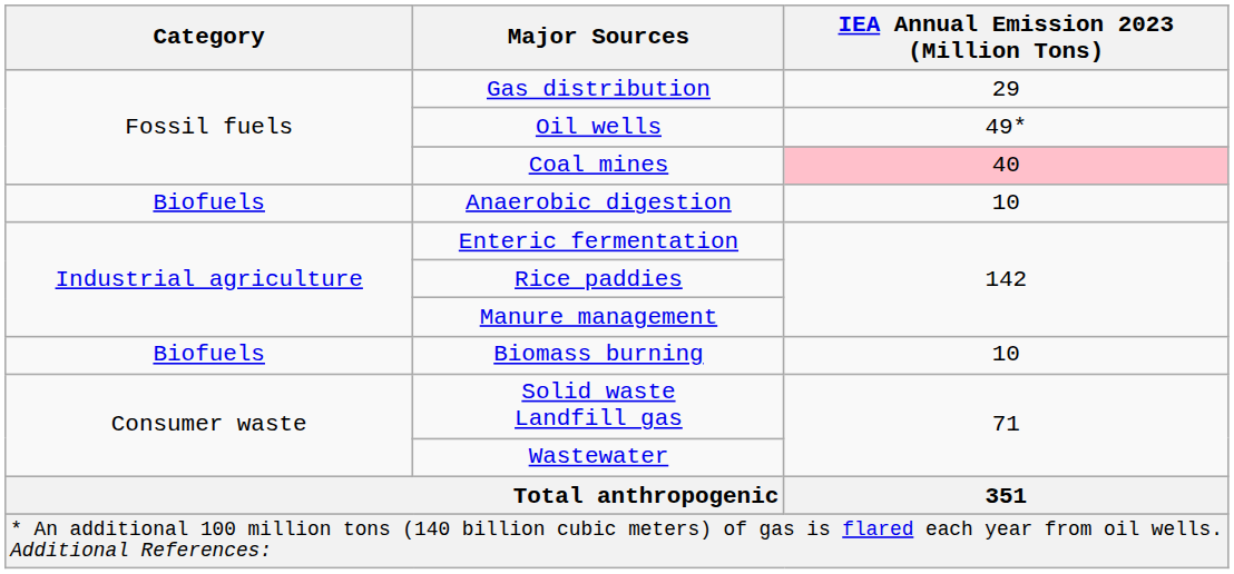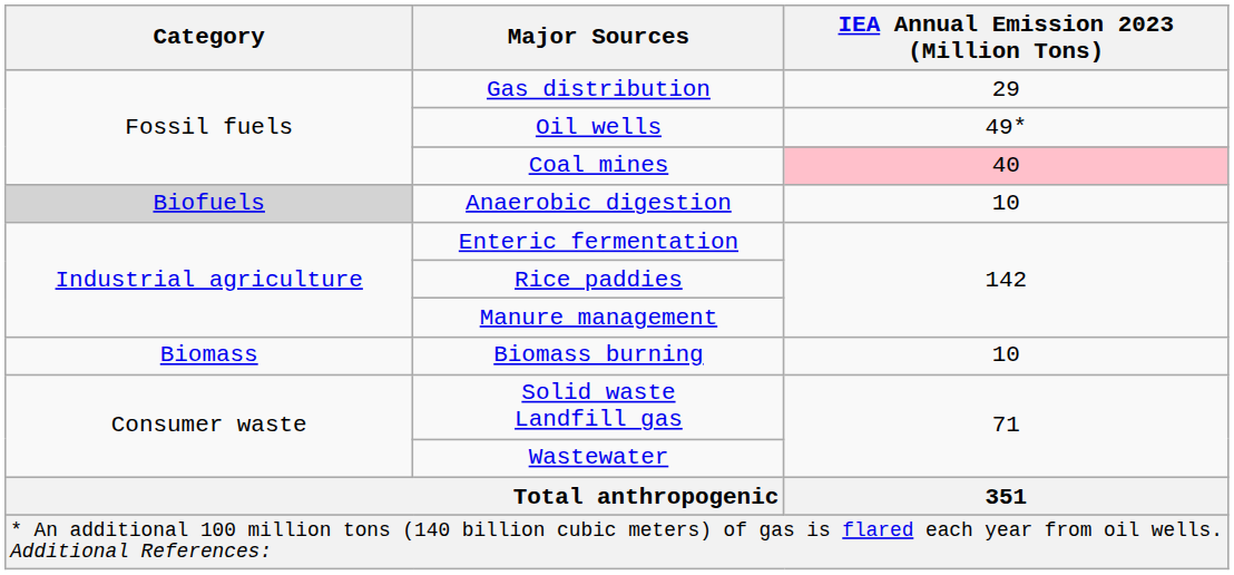 <table class=wikitable style="text-align: center;">
 <tr>
 <th>Category</th>
 <th>Major Sources</th>
 <th><a href='#'>IEA</a> Annual Emission 2023<br>(Million Tons)</th>
 </tr>
 <tr>
 <td rowspan="3">Fossil fuels</td>
 <td><a href='#'>Gas distribution</a></td>
 <td>29</td>
 </tr>
 <tr>
 <td><a href='#'>Oil wells</a></td>
 <td>49*</td>
 </tr>
 <tr>
 <td><a href='#'>Coal mines</a></td>
 <td style="background: pink;">40</td>
 </tr>
 <tr>
-<td><a href='#'>Biofuels</a></td>
+<td style="background: lightgrey;"><a href='#'>Biofuels</a></td>
 <td><a href='#'>Anaerobic digestion</a></td>
 <td>10</td>
 </tr>
 <tr>
 <td rowspan="3"><a href='#'>Industrial agriculture</a></td>
 <td><a href='#'>Enteric fermentation</a></td>
 <td rowspan="3">142</td>
 </tr>
 <tr>
 <td><a href='#'>Rice paddies</a> </td>
 </tr>
 <tr>
 <td><a href='#'>Manure management</a> </td>
 </tr>
 <tr>
-<td><a href='#'>Biofuels</a></td>
+<td><a href='#'>Biomass</a></td>
 <td><a href='#'>Biomass burning</a></td>
 <td>10</td>
 </tr>
 <tr>
 <td rowspan="2">Consumer waste</td>
 <td><a href='#'>Solid waste</a><br><a href='#'>Landfill gas</a></td>
 <td rowspan="2">71</td>
 </tr>
 <tr>
 <td><a href='#'>Wastewater</a> </td>
 </tr>
 <tr>
 <th colspan="2" style="text-align: right;">Total anthropogenic</th>
 <th>351</th>
 </tr>
 <tr>
 <th colspan="3" style="text-align: left; font-size: 0.85em; font-weight: normal;">* An additional 100 million tons (140 billion cubic meters) of gas is <a href='#'>flared</a> each year from oil wells.<br><em>Additional References:</em> </th>
 </tr>
 </table>
